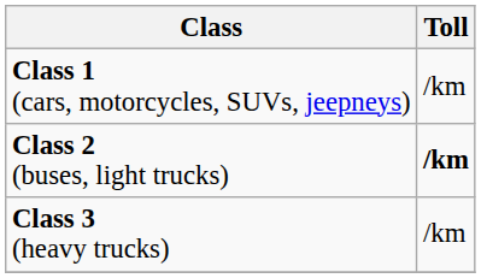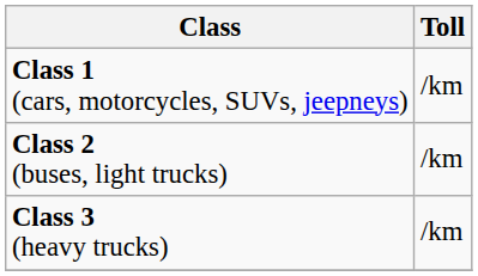 <table class="wikitable">
 <tr>
 <th>Class</th>
 <th>Toll</th>
 </tr>
 <tr>
 <td><strong>Class 1</strong><br>(cars, motorcycles, SUVs, <a href='#'>jeepneys</a>)</td>
 <td>/km</td>
 </tr>
 <tr>
 <td><strong>Class 2</strong><br>(buses, light trucks)</td>
-<td><strong>/km</strong></td>
+<td>/km</td>
 </tr>
 <tr>
 <td><strong>Class 3</strong><br>(heavy trucks)</td>
 <td>/km</td>
 </tr>
 <tr>
 </tr>
 </table>
